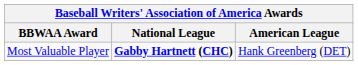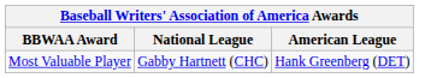 <table class="wikitable">
 <tr>
 <th colspan="3"><a href='#'>Baseball Writers' Association of America</a> Awards</th>
 </tr>
 <tr>
 <th>BBWAA Award</th>
 <th>National League</th>
 <th>American League</th>
 </tr>
 <tr>
 <td><a href='#'>Most Valuable Player</a></td>
-<td><strong><a href='#'>Gabby Hartnett</a> (<a href='#'>CHC</a>)</strong></td>
+<td><a href='#'>Gabby Hartnett</a> (<a href='#'>CHC</a>)</td>
 <td><a href='#'>Hank Greenberg</a> (<a href='#'>DET</a>)</td>
 </tr>
 </table>
